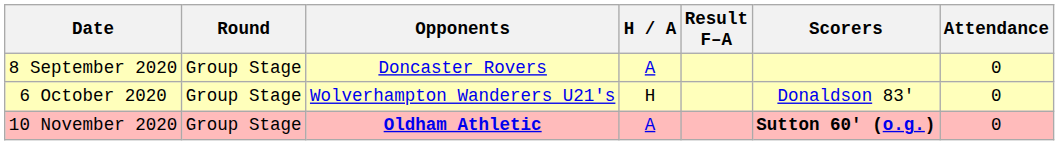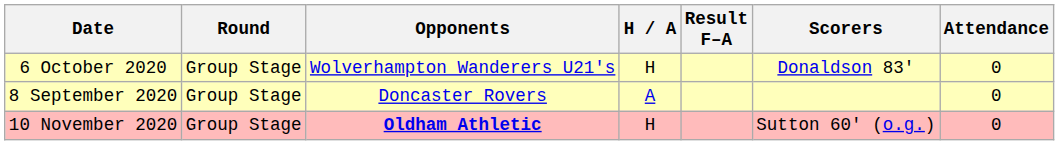 <table class="wikitable" style="text-align:center">
 <tr>
 <th>Date</th>
 <th>Round</th>
 <th>Opponents</th>
 <th>H / A</th>
 <th>Result<br>F–A</th>
 <th>Scorers</th>
 <th>Attendance</th>
 </tr>
 <tr bgcolor="#FFFFBB">
+<td>6 October 2020</td>
+<td>Group Stage</td>
+<td><a href='#'>Wolverhampton Wanderers U21's</a></td>
+<td>H</td>
+<td> </td>
+<td><a href='#'>Donaldson</a> 83'</td>
+<td>0</td>
+</tr>
+<tr bgcolor="#FFFFBB">
 <td>8 September 2020</td>
 <td>Group Stage</td>
 <td><a href='#'>Doncaster Rovers</a></td>
 <td><a href='#'>A</a></td>
 <td> </td>
 <td></td>
 <td>0</td>
 </tr>
-<tr bgcolor="#FFFFBB">
-<td>6 October 2020</td>
-<td>Group Stage</td>
-<td><a href='#'>Wolverhampton Wanderers U21's</a></td>
-<td>H</td>
-<td> </td>
-<td><a href='#'>Donaldson</a> 83'</td>
-<td>0</td>
-</tr>
 <tr bgcolor="#FFBBBB">
 <td>10 November 2020</td>
 <td>Group Stage</td>
 <td><strong><a href='#'>Oldham Athletic</a></strong></td>
-<td><a href='#'>A</a></td>
+<td>H</td>
 <td></td>
-<td><strong>Sutton 60' (<a href='#'>o.g.</a>)</strong></td>
+<td>Sutton 60' (<a href='#'>o.g.</a>)</td>
 <td>0</td>
 </tr>
 </table>
